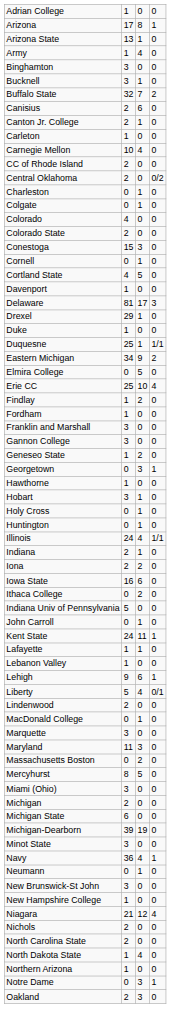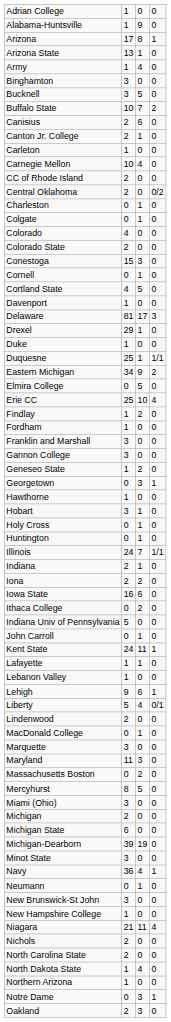 <table class="wikitable sortable" style="text-align:left; font-size:90%; border:1px;; cellpadding:5; cellspacing:0;">
 <tr --->
 <td>Adrian College</td>
 <td>1</td>
 <td>0</td>
+<td>0</td>
+</tr>
+<tr --->
+<td>Alabama-Huntsville</td>
+<td>1</td>
+<td>9</td>
 <td>0</td>
 </tr>
 <tr --->
 <td>Arizona</td>
 <td>17</td>
 <td>8</td>
 <td>1</td>
 </tr>
 <tr --->
 <td>Arizona State</td>
 <td>13</td>
 <td>1</td>
 <td>0</td>
 </tr>
 <tr --->
 <td>Army</td>
 <td>1</td>
 <td>4</td>
 <td>0</td>
 </tr>
 <tr --->
 <td>Binghamton</td>
 <td>3</td>
 <td>0</td>
 <td>0</td>
 </tr>
 <tr --->
 <td>Bucknell</td>
 <td>3</td>
-<td>1</td>
+<td>5</td>
 <td>0</td>
 </tr>
 <tr --->
 <td>Buffalo State</td>
-<td>32</td>
+<td>10</td>
 <td>7</td>
 <td>2</td>
 </tr>
 <tr --->
 <td>Canisius</td>
 <td>2</td>
 <td>6</td>
 <td>0</td>
 </tr>
 <tr --->
 <td>Canton Jr. College</td>
 <td>2</td>
 <td>1</td>
 <td>0</td>
 </tr>
 <tr --->
 <td>Carleton</td>
 <td>1</td>
 <td>0</td>
 <td>0</td>
 </tr>
 <tr --->
 <td>Carnegie Mellon</td>
 <td>10</td>
 <td>4</td>
 <td>0</td>
 </tr>
 <tr --->
 <td>CC of Rhode Island</td>
 <td>2</td>
 <td>0</td>
 <td>0</td>
 </tr>
 <tr --->
 <td>Central Oklahoma</td>
 <td>2</td>
 <td>0</td>
 <td>0/2</td>
 </tr>
 <tr --->
 <td>Charleston</td>
 <td>0</td>
 <td>1</td>
 <td>0</td>
 </tr>
 <tr --->
 <td>Colgate</td>
 <td>0</td>
 <td>1</td>
 <td>0</td>
 </tr>
 <tr --->
 <td>Colorado</td>
 <td>4</td>
 <td>0</td>
 <td>0</td>
 </tr>
 <tr --->
 <td>Colorado State</td>
 <td>2</td>
 <td>0</td>
 <td>0</td>
 </tr>
 <tr --->
 <td>Conestoga</td>
 <td>15</td>
 <td>3</td>
 <td>0</td>
 </tr>
 <tr --->
 <td>Cornell</td>
 <td>0</td>
 <td>1</td>
 <td>0</td>
 </tr>
 <tr --->
 <td>Cortland State</td>
 <td>4</td>
 <td>5</td>
 <td>0</td>
 </tr>
 <tr --->
 <td>Davenport</td>
 <td>1</td>
 <td>0</td>
 <td>0</td>
 </tr>
 <tr --->
 <td>Delaware</td>
 <td>81</td>
 <td>17</td>
 <td>3</td>
 </tr>
 <tr --->
 <td>Drexel</td>
 <td>29</td>
 <td>1</td>
 <td>0</td>
 </tr>
 <tr --->
 <td>Duke</td>
 <td>1</td>
 <td>0</td>
 <td>0</td>
 </tr>
 <tr --->
 <td>Duquesne</td>
 <td>25</td>
 <td>1</td>
 <td>1/1</td>
 </tr>
 <tr --->
 <td>Eastern Michigan</td>
 <td>34</td>
 <td>9</td>
 <td>2</td>
 </tr>
 <tr --->
 <td>Elmira College</td>
 <td>0</td>
 <td>5</td>
 <td>0</td>
 </tr>
 <tr --->
 <td>Erie CC</td>
 <td>25</td>
 <td>10</td>
 <td>4</td>
 </tr>
 <tr --->
 <td>Findlay</td>
 <td>1</td>
 <td>2</td>
 <td>0</td>
 </tr>
 <tr --->
 <td>Fordham</td>
 <td>1</td>
 <td>0</td>
 <td>0</td>
 </tr>
 <tr --->
 <td>Franklin and Marshall</td>
 <td>3</td>
 <td>0</td>
 <td>0</td>
 </tr>
 <tr --->
 <td>Gannon College</td>
 <td>3</td>
 <td>0</td>
 <td>0</td>
 </tr>
 <tr --->
 <td>Geneseo State</td>
 <td>1</td>
 <td>2</td>
 <td>0</td>
 </tr>
 <tr --->
 <td>Georgetown</td>
 <td>0</td>
 <td>3</td>
 <td>1</td>
 </tr>
 <tr --->
 <td>Hawthorne</td>
 <td>1</td>
 <td>0</td>
 <td>0</td>
 </tr>
 <tr --->
 <td>Hobart</td>
 <td>3</td>
 <td>1</td>
 <td>0</td>
 </tr>
 <tr --->
 <td>Holy Cross</td>
 <td>0</td>
 <td>1</td>
 <td>0</td>
 </tr>
 <tr --->
 <td>Huntington</td>
 <td>0</td>
 <td>1</td>
 <td>0</td>
 </tr>
 <tr --->
 <td>Illinois</td>
 <td>24</td>
-<td>4</td>
+<td>7</td>
 <td>1/1</td>
 </tr>
 <tr --->
 <td>Indiana</td>
 <td>2</td>
 <td>1</td>
 <td>0</td>
 </tr>
 <tr --->
 <td>Iona</td>
 <td>2</td>
 <td>2</td>
 <td>0</td>
 </tr>
 <tr --->
 <td>Iowa State</td>
 <td>16</td>
 <td>6</td>
 <td>0</td>
 </tr>
 <tr --->
 <td>Ithaca College</td>
 <td>0</td>
 <td>2</td>
 <td>0</td>
 </tr>
 <tr --->
 <td>Indiana Univ of Pennsylvania</td>
 <td>5</td>
 <td>0</td>
 <td>0</td>
 </tr>
 <tr --->
 <td>John Carroll</td>
 <td>0</td>
 <td>1</td>
 <td>0</td>
 </tr>
 <tr --->
 <td>Kent State</td>
 <td>24</td>
 <td>11</td>
 <td>1</td>
 </tr>
 <tr --->
 <td>Lafayette</td>
 <td>1</td>
 <td>1</td>
 <td>0</td>
 </tr>
 <tr --->
 <td>Lebanon Valley</td>
 <td>1</td>
 <td>0</td>
 <td>0</td>
 </tr>
 <tr --->
 <td>Lehigh</td>
 <td>9</td>
 <td>6</td>
 <td>1</td>
 </tr>
 <tr --->
 <td>Liberty</td>
 <td>5</td>
 <td>4</td>
 <td>0/1</td>
 </tr>
 <tr --->
 <td>Lindenwood</td>
 <td>2</td>
 <td>0</td>
 <td>0</td>
 </tr>
 <tr --->
 <td>MacDonald College</td>
 <td>0</td>
 <td>1</td>
 <td>0</td>
 </tr>
 <tr --->
 <td>Marquette</td>
 <td>3</td>
 <td>0</td>
 <td>0</td>
 </tr>
 <tr --->
 <td>Maryland</td>
 <td>11</td>
 <td>3</td>
 <td>0</td>
 </tr>
 <tr --->
 <td>Massachusetts Boston</td>
 <td>0</td>
 <td>2</td>
 <td>0</td>
 </tr>
 <tr --->
 <td>Mercyhurst</td>
 <td>8</td>
 <td>5</td>
 <td>0</td>
 </tr>
 <tr --->
 <td>Miami (Ohio)</td>
 <td>3</td>
 <td>0</td>
 <td>0</td>
 </tr>
 <tr --->
 <td>Michigan</td>
 <td>2</td>
 <td>0</td>
 <td>0</td>
 </tr>
 <tr --->
 <td>Michigan State</td>
 <td>6</td>
 <td>0</td>
 <td>0</td>
 </tr>
 <tr --->
 <td>Michigan-Dearborn</td>
 <td>39</td>
 <td>19</td>
 <td>0</td>
 </tr>
 <tr --->
 <td>Minot State</td>
 <td>3</td>
 <td>0</td>
 <td>0</td>
 </tr>
 <tr --->
 <td>Navy</td>
 <td>36</td>
 <td>4</td>
 <td>1</td>
 </tr>
 <tr --->
 <td>Neumann</td>
 <td>0</td>
 <td>1</td>
 <td>0</td>
 </tr>
 <tr --->
 <td>New Brunswick-St John</td>
 <td>3</td>
 <td>0</td>
 <td>0</td>
 </tr>
 <tr --->
 <td>New Hampshire College</td>
 <td>1</td>
 <td>0</td>
 <td>0</td>
 </tr>
 <tr --->
 <td>Niagara</td>
 <td>21</td>
-<td>12</td>
+<td>11</td>
 <td>4</td>
 </tr>
 <tr --->
 <td>Nichols</td>
 <td>2</td>
 <td>0</td>
 <td>0</td>
 </tr>
 <tr --->
 <td>North Carolina State</td>
 <td>2</td>
 <td>0</td>
 <td>0</td>
 </tr>
 <tr --->
 <td>North Dakota State</td>
 <td>1</td>
 <td>4</td>
 <td>0</td>
 </tr>
 <tr --->
 <td>Northern Arizona</td>
 <td>1</td>
 <td>0</td>
 <td>0</td>
 </tr>
 <tr --->
 <td>Notre Dame</td>
 <td>0</td>
 <td>3</td>
 <td>1</td>
 </tr>
 <tr --->
 <td>Oakland</td>
 <td>2</td>
 <td>3</td>
 <td>0</td>
 </tr>
 </table>
